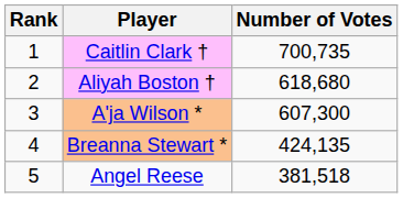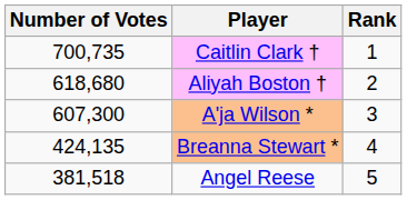 <table class="wikitable" style="text-align:center">
 <tr>
+<th>Number of Votes</th>
+<th>Player</th>
 <th>Rank</th>
-<th>Player</th>
-<th>Number of Votes</th>
 </tr>
 <tr>
+<td>700,735</td>
+<td style="background:#febffc;"><a href='#'>Caitlin Clark</a> †</td>
 <td>1</td>
-<td style="background:#febffc;"><a href='#'>Caitlin Clark</a> †</td>
-<td>700,735</td>
 </tr>
 <tr>
+<td>618,680</td>
+<td style="background:#febffc;"><a href='#'>Aliyah Boston</a> †</td>
 <td>2</td>
-<td style="background:#febffc;"><a href='#'>Aliyah Boston</a> †</td>
-<td>618,680</td>
 </tr>
 <tr>
+<td>607,300</td>
+<td style="background:#fbc08e;"><a href='#'>A'ja Wilson</a> *</td>
 <td>3</td>
-<td style="background:#fbc08e;"><a href='#'>A'ja Wilson</a> *</td>
-<td>607,300</td>
 </tr>
 <tr>
+<td>424,135</td>
+<td style="background:#fbc08e;"><a href='#'>Breanna Stewart</a> *</td>
 <td>4</td>
-<td style="background:#fbc08e;"><a href='#'>Breanna Stewart</a> *</td>
-<td>424,135</td>
 </tr>
 <tr>
+<td>381,518</td>
+<td><a href='#'>Angel Reese</a></td>
 <td>5</td>
-<td><a href='#'>Angel Reese</a></td>
-<td>381,518</td>
 </tr>
 </table>
